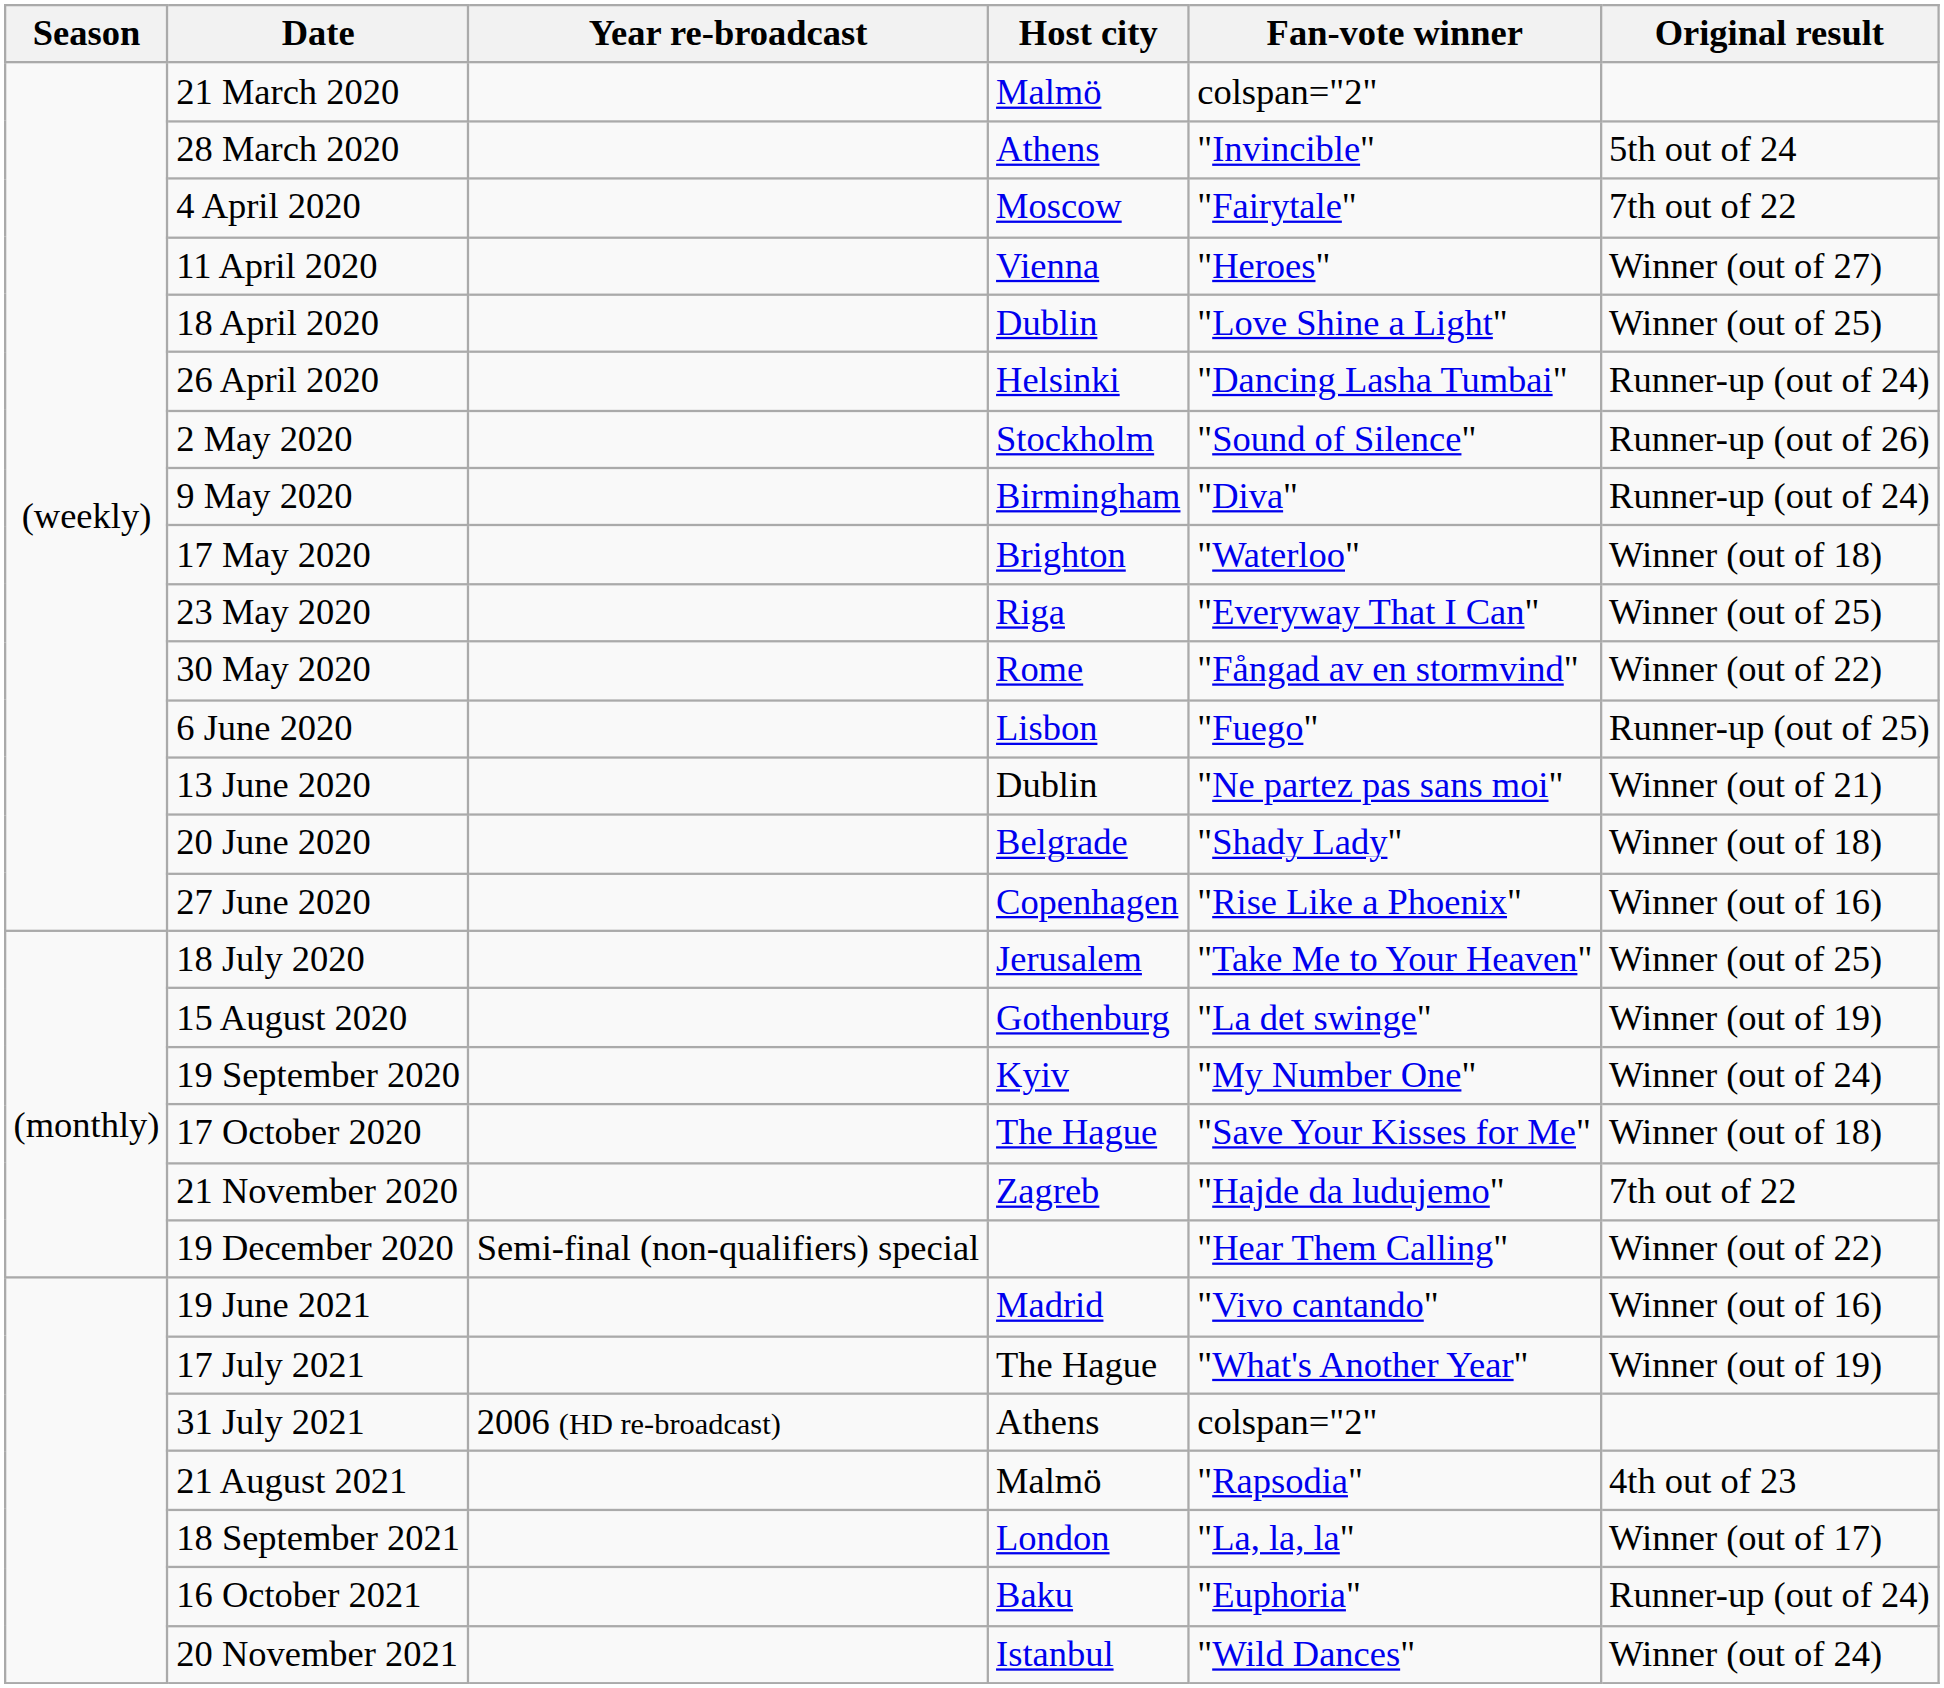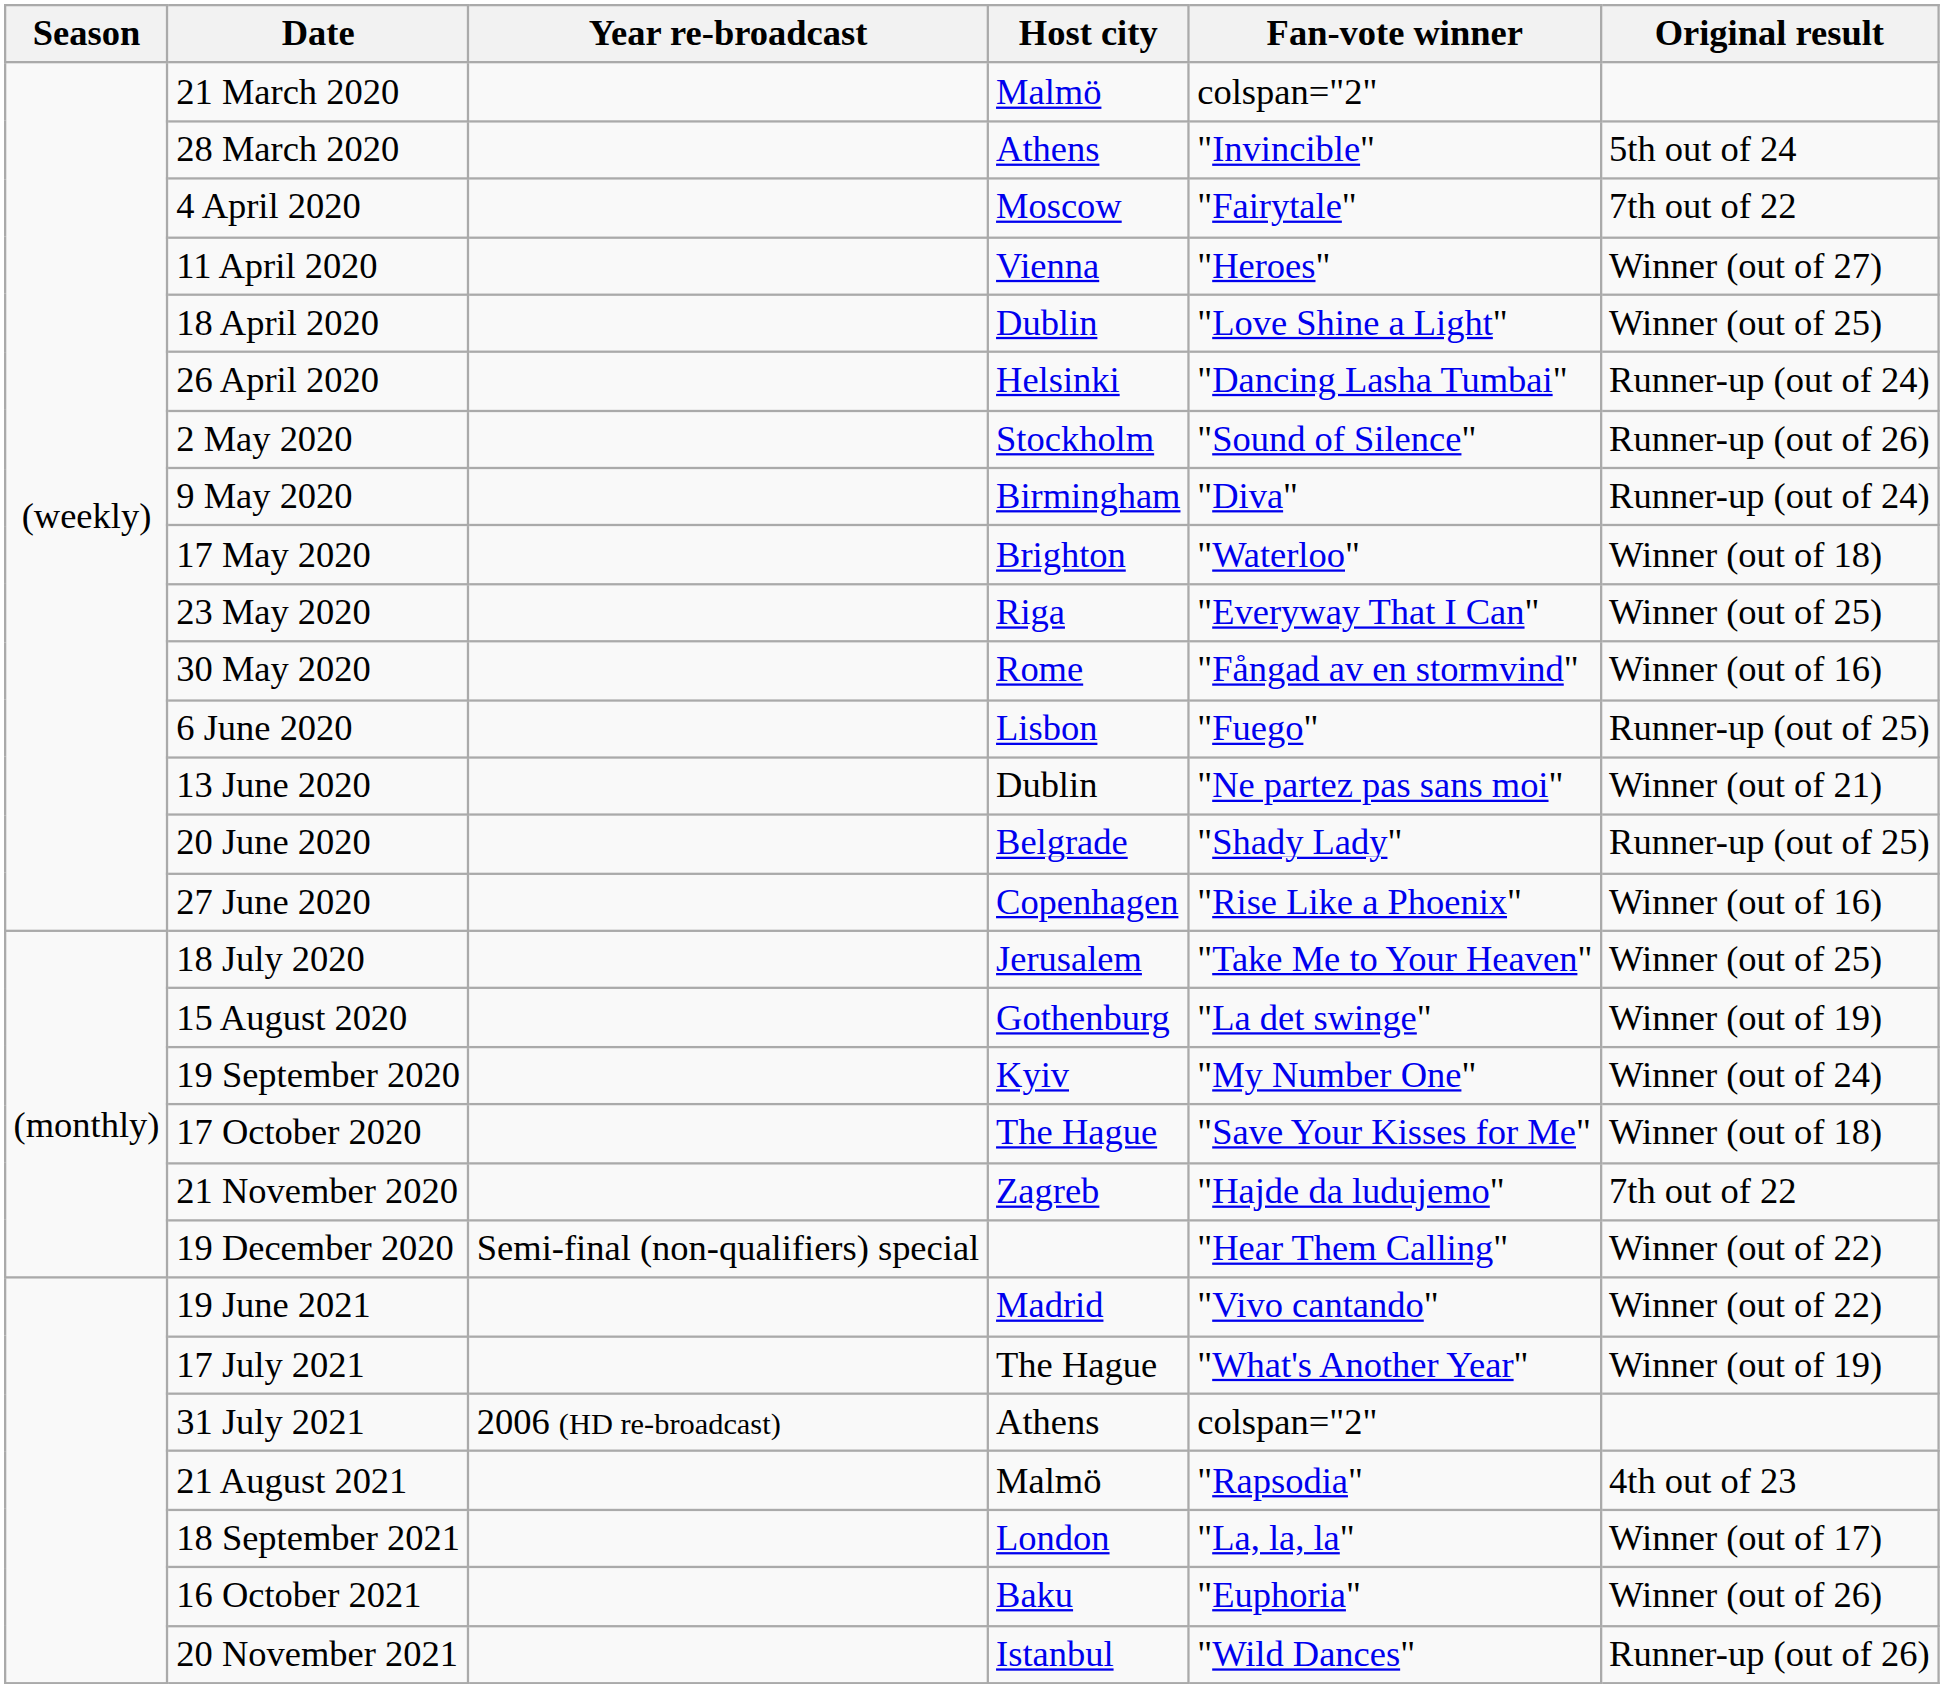 <table class="wikitable">
 <tr>
 <th scope="col">Season</th>
 <th scope="col">Date</th>
 <th scope="col">Year re-broadcast</th>
 <th scope="col">Host city</th>
 <th scope="col">Fan-vote winner</th>
 <th scope="col">Original result</th>
 </tr>
 <tr>
 <td rowspan="15" style="text-align:center;"><br>(weekly)</td>
 <td>21 March 2020</td>
 <td></td>
 <td> <a href='#'>Malmö</a></td>
 <td>colspan="2" </td>
 </tr>
 <tr>
 <td>28 March 2020</td>
 <td></td>
 <td> <a href='#'>Athens</a></td>
 <td> "<a href='#'>Invincible</a>"</td>
 <td>5th out of 24</td>
 </tr>
 <tr>
 <td>4 April 2020</td>
 <td></td>
 <td> <a href='#'>Moscow</a></td>
 <td> "<a href='#'>Fairytale</a>"</td>
 <td>7th out of 22</td>
 </tr>
 <tr>
 <td>11 April 2020</td>
 <td></td>
 <td> <a href='#'>Vienna</a></td>
 <td> "<a href='#'>Heroes</a>"</td>
 <td>Winner (out of 27)</td>
 </tr>
 <tr>
 <td>18 April 2020</td>
 <td></td>
 <td> <a href='#'>Dublin</a></td>
 <td> "<a href='#'>Love Shine a Light</a>"</td>
 <td>Winner (out of 25)</td>
 </tr>
 <tr>
 <td>26 April 2020</td>
 <td></td>
 <td> <a href='#'>Helsinki</a></td>
 <td> "<a href='#'>Dancing Lasha Tumbai</a>"</td>
 <td>Runner-up (out of 24)</td>
 </tr>
 <tr>
 <td>2 May 2020</td>
 <td></td>
 <td> <a href='#'>Stockholm</a></td>
 <td> "<a href='#'>Sound of Silence</a>"</td>
 <td>Runner-up (out of 26)</td>
 </tr>
 <tr>
 <td>9 May 2020</td>
 <td></td>
 <td> <a href='#'>Birmingham</a></td>
 <td> "<a href='#'>Diva</a>"</td>
 <td>Runner-up (out of 24)</td>
 </tr>
 <tr>
 <td>17 May 2020</td>
 <td></td>
 <td> <a href='#'>Brighton</a></td>
 <td> "<a href='#'>Waterloo</a>"</td>
 <td>Winner (out of 18)</td>
 </tr>
 <tr>
 <td>23 May 2020</td>
 <td></td>
 <td> <a href='#'>Riga</a></td>
 <td> "<a href='#'>Everyway That I Can</a>"</td>
 <td>Winner (out of 25)</td>
 </tr>
 <tr>
 <td>30 May 2020</td>
 <td></td>
 <td> <a href='#'>Rome</a></td>
 <td> "<a href='#'>Fångad av en stormvind</a>"</td>
-<td>Winner (out of 22)</td>
+<td>Winner (out of 16)</td>
 </tr>
 <tr>
 <td>6 June 2020</td>
 <td></td>
 <td> <a href='#'>Lisbon</a></td>
 <td> "<a href='#'>Fuego</a>"</td>
 <td>Runner-up (out of 25)</td>
 </tr>
 <tr>
 <td>13 June 2020</td>
 <td></td>
 <td> Dublin</td>
 <td> "<a href='#'>Ne partez pas sans moi</a>"</td>
 <td>Winner (out of 21)</td>
 </tr>
 <tr>
 <td>20 June 2020</td>
 <td></td>
 <td> <a href='#'>Belgrade</a></td>
 <td> "<a href='#'>Shady Lady</a>"</td>
-<td>Winner (out of 18)</td>
+<td>Runner-up (out of 25)</td>
 </tr>
 <tr>
 <td>27 June 2020</td>
 <td></td>
 <td> <a href='#'>Copenhagen</a></td>
 <td> "<a href='#'>Rise Like a Phoenix</a>"</td>
 <td>Winner (out of 16)</td>
 </tr>
 <tr>
 <td rowspan="6" style="text-align:center;"><br>(monthly)</td>
 <td>18 July 2020</td>
 <td></td>
 <td> <a href='#'>Jerusalem</a></td>
 <td> "<a href='#'>Take Me to Your Heaven</a>"</td>
 <td>Winner (out of 25)</td>
 </tr>
 <tr>
 <td>15 August 2020</td>
 <td></td>
 <td> <a href='#'>Gothenburg</a></td>
 <td> "<a href='#'>La det swinge</a>"</td>
 <td>Winner (out of 19)</td>
 </tr>
 <tr>
 <td>19 September 2020</td>
 <td></td>
 <td> <a href='#'>Kyiv</a></td>
 <td> "<a href='#'>My Number One</a>"</td>
 <td>Winner (out of 24)</td>
 </tr>
 <tr>
 <td>17 October 2020</td>
 <td></td>
 <td> <a href='#'>The Hague</a></td>
 <td> "<a href='#'>Save Your Kisses for Me</a>"</td>
 <td>Winner (out of 18)</td>
 </tr>
 <tr>
 <td>21 November 2020</td>
 <td></td>
 <td> <a href='#'>Zagreb</a></td>
 <td> "<a href='#'>Hajde da ludujemo</a>"</td>
 <td>7th out of 22</td>
 </tr>
 <tr>
 <td>19 December 2020</td>
 <td>Semi-final (non-qualifiers) special</td>
 <td></td>
 <td> "<a href='#'>Hear Them Calling</a>"</td>
 <td>Winner (out of 22)</td>
 </tr>
 <tr>
 <td rowspan="7"></td>
 <td>19 June 2021</td>
 <td></td>
 <td> <a href='#'>Madrid</a></td>
 <td> "<a href='#'>Vivo cantando</a>"</td>
-<td>Winner (out of 16)</td>
+<td>Winner (out of 22)</td>
 </tr>
 <tr>
 <td>17 July 2021</td>
 <td></td>
 <td> The Hague</td>
 <td> "<a href='#'>What's Another Year</a>"</td>
 <td>Winner (out of 19)</td>
 </tr>
 <tr>
 <td>31 July 2021</td>
 <td>2006 <small>(HD re-broadcast)</small></td>
 <td> Athens</td>
 <td>colspan="2" </td>
 </tr>
 <tr>
 <td>21 August 2021</td>
 <td></td>
 <td> Malmö</td>
 <td> "<a href='#'>Rapsodia</a>"</td>
 <td>4th out of 23</td>
 </tr>
 <tr>
 <td>18 September 2021</td>
 <td></td>
 <td> <a href='#'>London</a></td>
 <td> "<a href='#'>La, la, la</a>"</td>
 <td>Winner (out of 17)</td>
 </tr>
 <tr>
 <td>16 October 2021</td>
 <td></td>
 <td> <a href='#'>Baku</a></td>
 <td> "<a href='#'>Euphoria</a>"</td>
-<td>Runner-up (out of 24)</td>
+<td>Winner (out of 26)</td>
 </tr>
 <tr>
 <td>20 November 2021</td>
 <td></td>
 <td> <a href='#'>Istanbul</a></td>
 <td> "<a href='#'>Wild Dances</a>"</td>
-<td>Winner (out of 24)</td>
+<td>Runner-up (out of 26)</td>
 </tr>
 </table>
